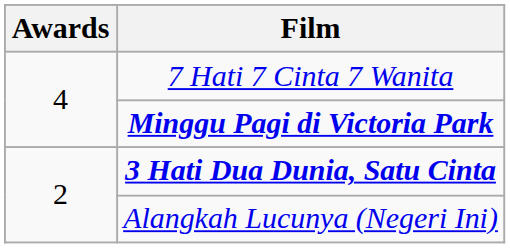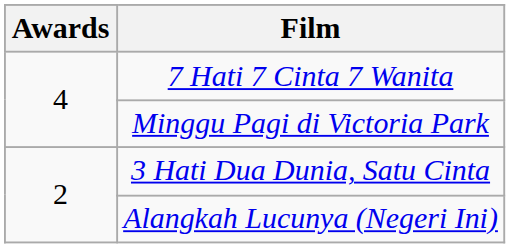 <table class="wikitable">
 <tr>
 <th>Awards</th>
 <th>Film</th>
 </tr>
 <tr>
 <td style="text-align:center" rowspan= "2">4</td>
 <td style="text-align:center"><em><a href='#'>7 Hati 7 Cinta 7 Wanita</a></em></td>
 </tr>
 <tr>
-<td style="text-align:center"><strong><em><a href='#'>Minggu Pagi di Victoria Park</a></em></strong></td>
+<td style="text-align:center"><em><a href='#'>Minggu Pagi di Victoria Park</a></em></td>
 </tr>
 <tr>
 <td style="text-align:center" rowspan= "2">2</td>
-<td style="text-align:center"><strong><em><a href='#'>3 Hati Dua Dunia, Satu Cinta</a></em></strong></td>
+<td style="text-align:center"><em><a href='#'>3 Hati Dua Dunia, Satu Cinta</a></em></td>
 </tr>
 <tr>
 <td style="text-align:center"><em><a href='#'>Alangkah Lucunya (Negeri Ini)</a></em></td>
 </tr>
 </table>
